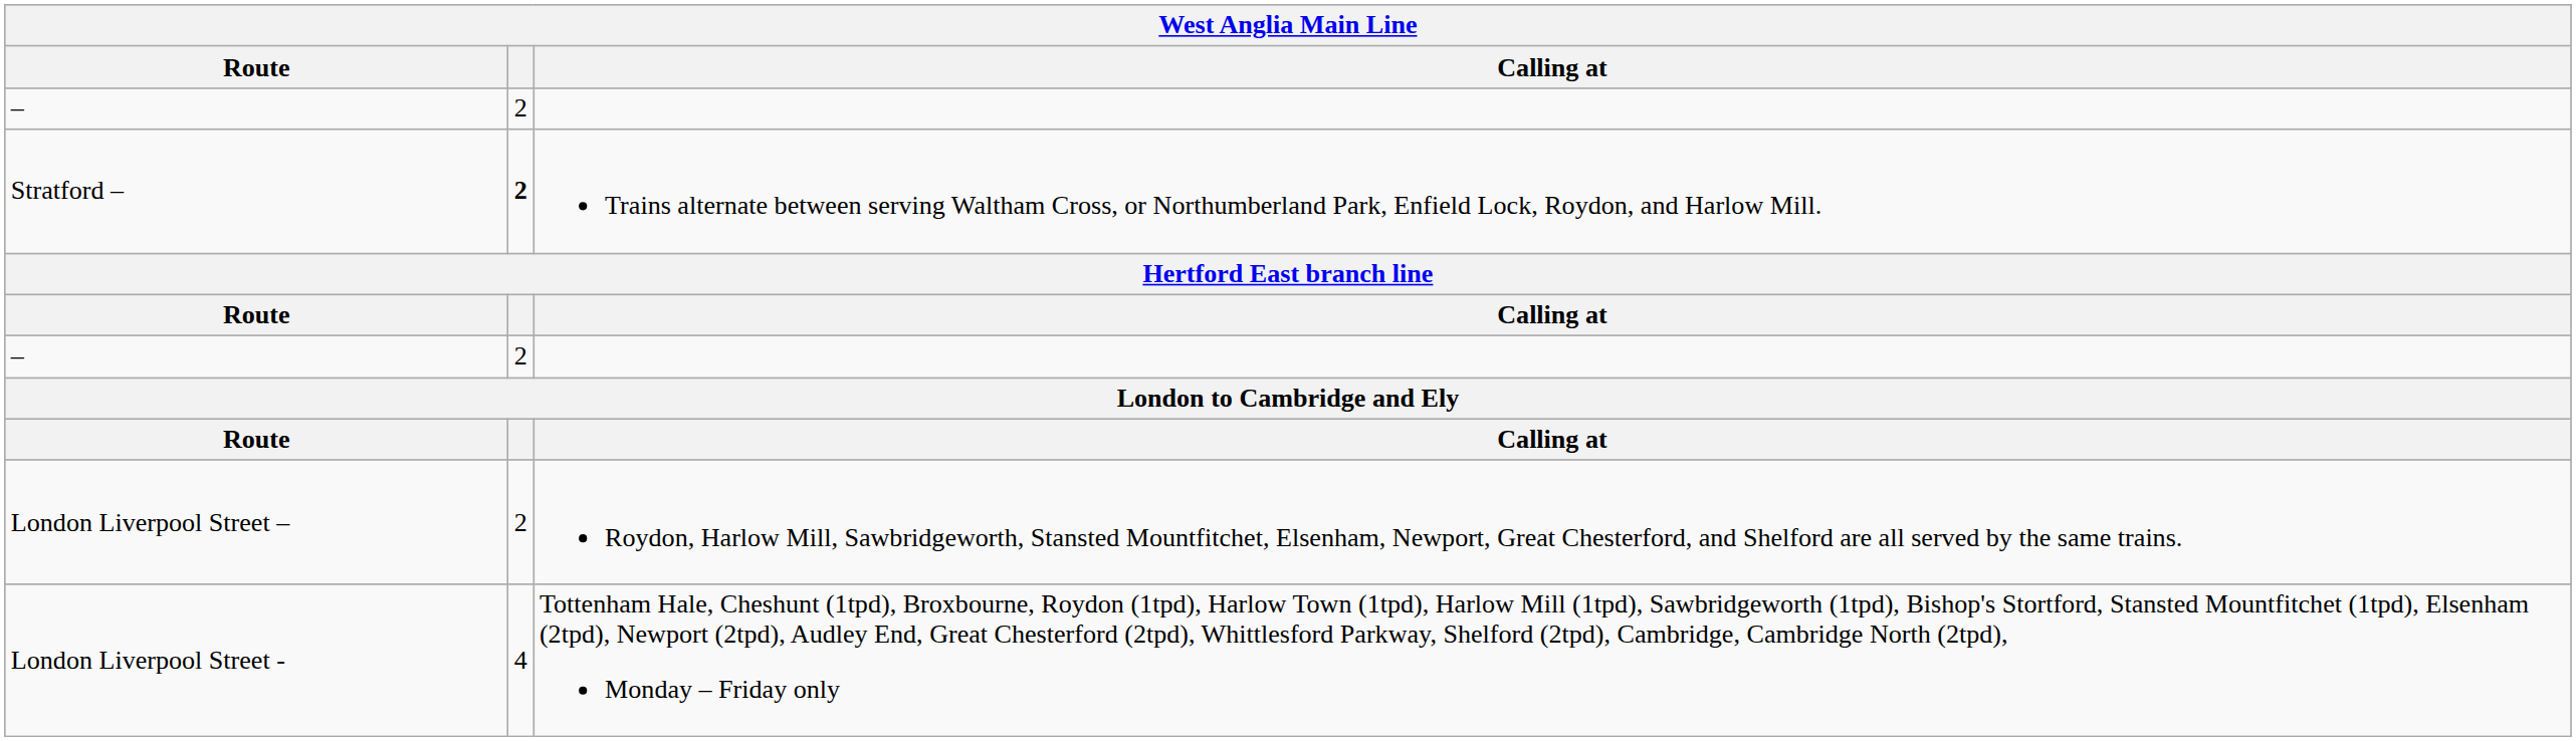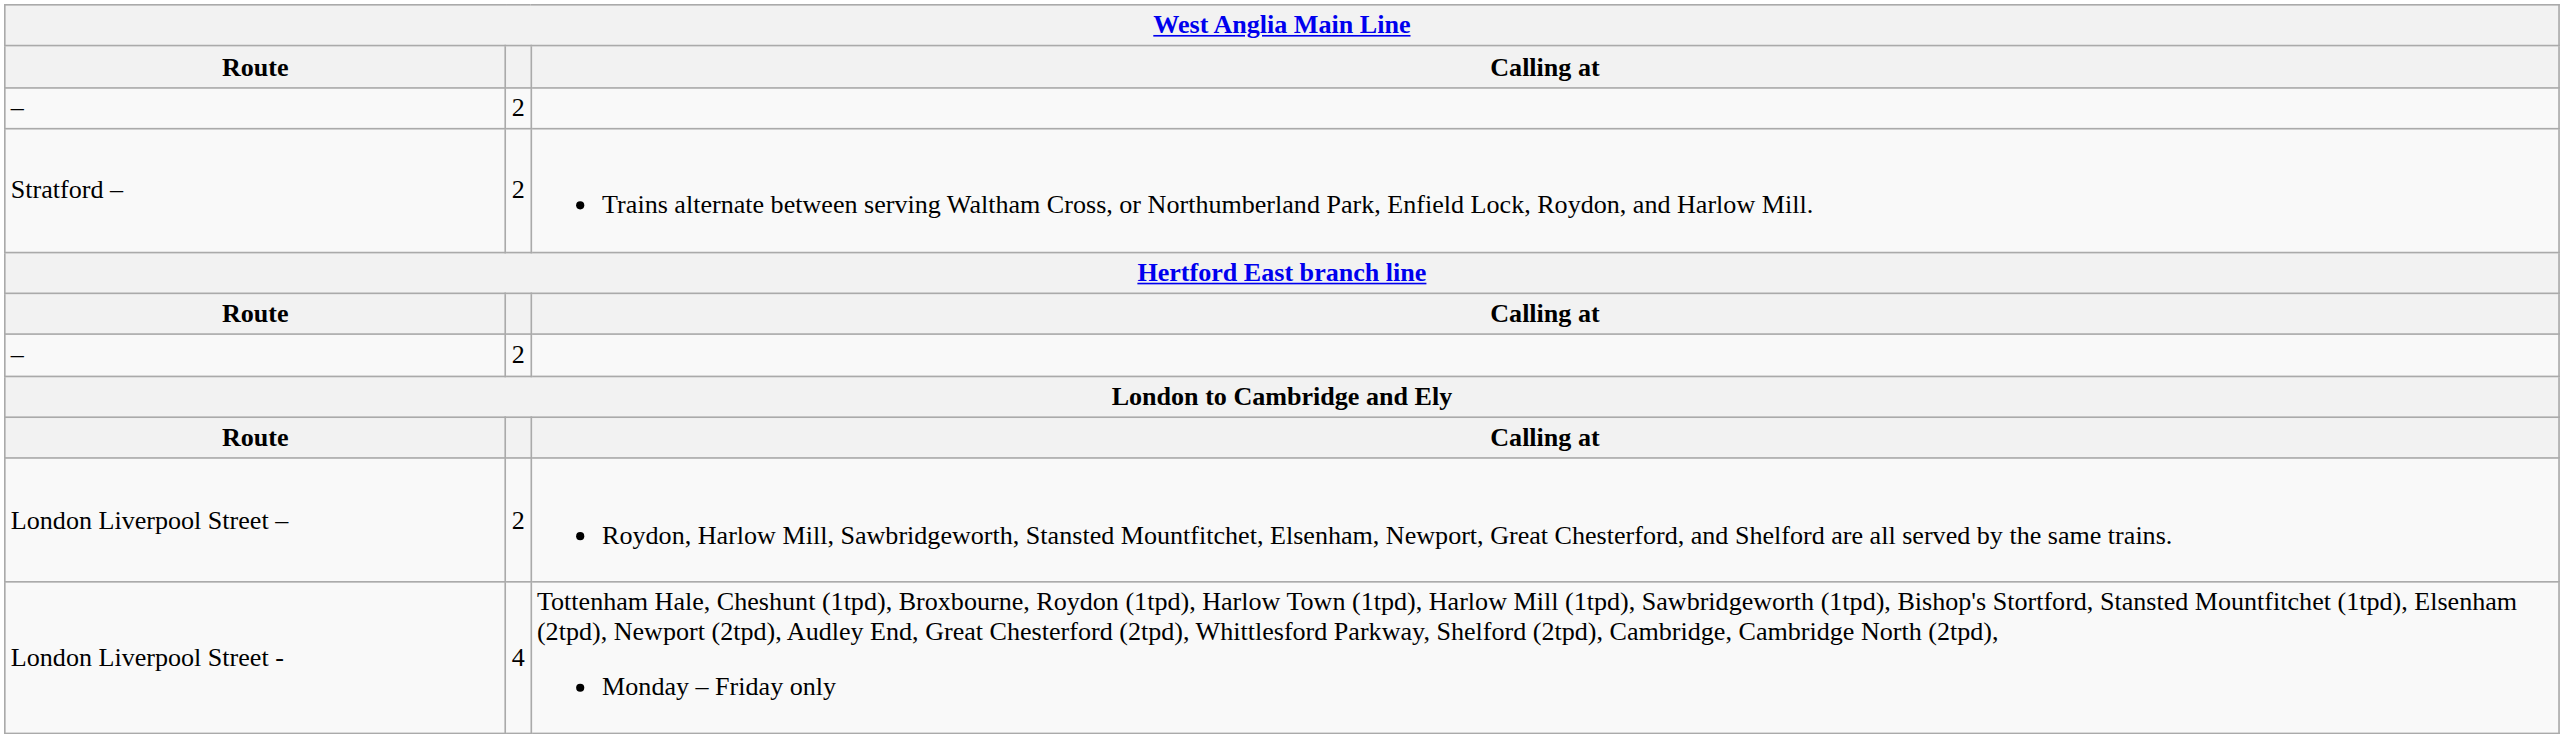 <table class="wikitable">
 <tr>
 <th colspan="3"><a href='#'>West Anglia Main Line</a></th>
 </tr>
 <tr>
 <th style="width:300px;">Route</th>
 <th></th>
 <th>Calling at</th>
 </tr>
 <tr>
 <td> – </td>
 <td>2</td>
 <td></td>
 </tr>
 <tr>
 <td>Stratford – </td>
-<td><strong>2</strong></td>
+<td>2</td>
 <td><br><ul><li>Trains alternate between serving Waltham Cross, or Northumberland Park, Enfield Lock, Roydon, and Harlow Mill.</li></ul></td>
 </tr>
 <tr>
 <th colspan="3"><a href='#'>Hertford East branch line</a></th>
 </tr>
 <tr>
 <th style="width:300px;">Route</th>
 <th></th>
 <th>Calling at</th>
 </tr>
 <tr>
 <td> – </td>
 <td>2</td>
 <td></td>
 </tr>
 <tr>
 <th colspan="3">London to Cambridge and Ely</th>
 </tr>
 <tr>
 <th style="width:300px;">Route</th>
 <th></th>
 <th>Calling at</th>
 </tr>
 <tr>
 <td>London Liverpool Street – </td>
 <td>2</td>
 <td><br><ul><li>Roydon, Harlow Mill, Sawbridgeworth, Stansted Mountfitchet, Elsenham, Newport, Great Chesterford, and Shelford are all served by the same trains.</li></ul></td>
 </tr>
 <tr>
 <td>London Liverpool Street - </td>
 <td>4</td>
 <td>Tottenham Hale, Cheshunt (1tpd), Broxbourne, Roydon (1tpd), Harlow Town (1tpd), Harlow Mill (1tpd), Sawbridgeworth (1tpd), Bishop's Stortford, Stansted Mountfitchet (1tpd), Elsenham (2tpd), Newport (2tpd), Audley End, Great Chesterford (2tpd), Whittlesford Parkway, Shelford (2tpd), Cambridge, Cambridge North (2tpd), <br><ul><li>Monday – Friday only</li></ul></td>
 </tr>
 </table>
